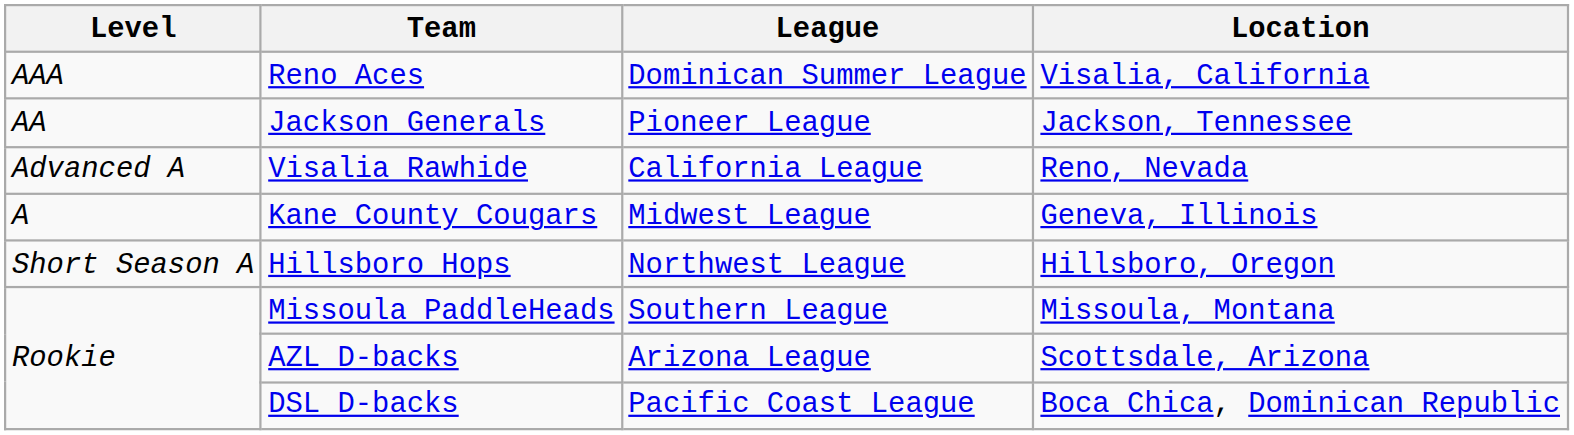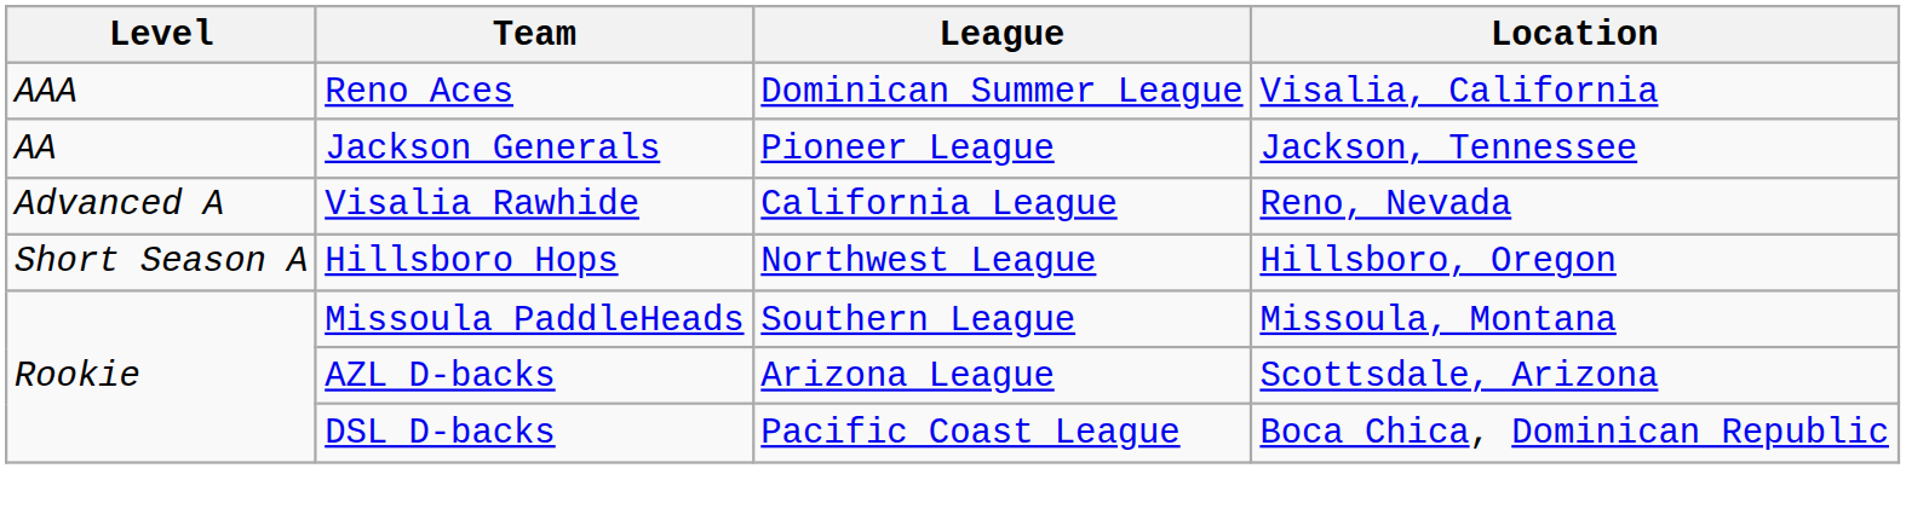 <table class="wikitable">
 <tr>
 <th style="text-align:center; ">Level</th>
 <th style="text-align:center; ">Team</th>
 <th style="text-align:center; ">League</th>
 <th style="text-align:center; ">Location</th>
 </tr>
 <tr>
 <td><em>AAA</em></td>
 <td><a href='#'>Reno Aces</a></td>
 <td><a href='#'>Dominican Summer League</a></td>
 <td><a href='#'>Visalia, California</a></td>
 </tr>
 <tr>
 <td><em>AA</em></td>
 <td><a href='#'>Jackson Generals</a></td>
 <td><a href='#'>Pioneer League</a></td>
 <td><a href='#'>Jackson, Tennessee</a></td>
 </tr>
 <tr>
 <td><em>Advanced A</em></td>
 <td><a href='#'>Visalia Rawhide</a></td>
 <td><a href='#'>California League</a></td>
 <td><a href='#'>Reno, Nevada</a></td>
 </tr>
 <tr>
-<td><em>A</em></td>
-<td><a href='#'>Kane County Cougars</a></td>
-<td><a href='#'>Midwest League</a></td>
-<td><a href='#'>Geneva, Illinois</a></td>
-</tr>
-<tr>
 <td><em>Short Season A</em></td>
 <td><a href='#'>Hillsboro Hops</a></td>
 <td><a href='#'>Northwest League</a></td>
 <td><a href='#'>Hillsboro, Oregon</a></td>
 </tr>
 <tr>
 <td rowspan=4><em>Rookie</em></td>
 <td><a href='#'>Missoula PaddleHeads</a></td>
 <td><a href='#'>Southern League</a></td>
 <td><a href='#'>Missoula, Montana</a></td>
 </tr>
 <tr>
 <td><a href='#'>AZL D-backs</a></td>
 <td><a href='#'>Arizona League</a></td>
 <td><a href='#'>Scottsdale, Arizona</a></td>
 </tr>
 <tr>
 <td><a href='#'>DSL D-backs</a></td>
 <td><a href='#'>Pacific Coast League</a></td>
 <td><a href='#'>Boca Chica</a>, <a href='#'>Dominican Republic</a></td>
 </tr>
 </table>
